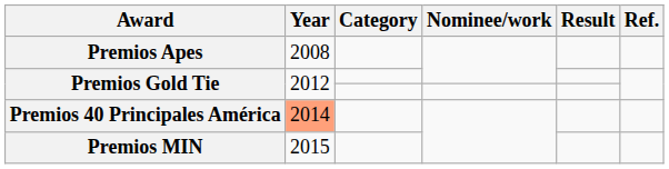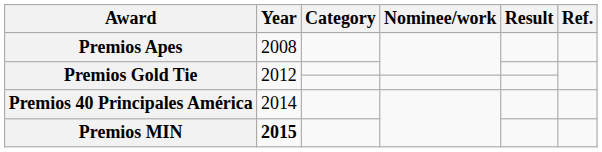 <table class="wikitable plainrowheaders">
 <tr>
 <th>Award</th>
 <th>Year</th>
 <th>Category</th>
 <th>Nominee/work</th>
 <th>Result</th>
 <th>Ref.</th>
 </tr>
 <tr>
 <th scope="row">Premios Apes</th>
 <td>2008</td>
 <td></td>
 <td rowspan="2"></td>
 <td></td>
 <td></td>
 </tr>
 <tr>
 <th rowspan="2" scope="row">Premios Gold Tie</th>
 <td rowspan="2">2012</td>
 <td></td>
 <td></td>
 <td rowspan="2"></td>
 </tr>
 <tr>
 <td></td>
 <td></td>
 <td></td>
 </tr>
 <tr>
 <th scope="row">Premios 40 Principales América</th>
-<td style="background: lightsalmon;">2014</td>
+<td>2014</td>
 <td></td>
 <td rowspan="2"></td>
 <td></td>
 <td></td>
 </tr>
 <tr>
 <th scope="row">Premios MIN</th>
-<td>2015</td>
+<td><strong>2015</strong></td>
 <td></td>
 <td></td>
 <td></td>
 </tr>
 </table>
